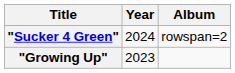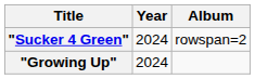 <table class="wikitable plainrowheaders" style="text-align:center">
 <tr>
 <th scope="col">Title</th>
 <th scope="col">Year</th>
 <th scope="col">Album</th>
 </tr>
 <tr>
 <th scope="row">"<a href='#'>Sucker 4 Green</a>"</th>
 <td>2024</td>
 <td>rowspan=2 </td>
 </tr>
 <tr>
 <th scope="row">"Growing Up"</th>
-<td>2023</td>
+<td>2024</td>
 </tr>
 </table>
